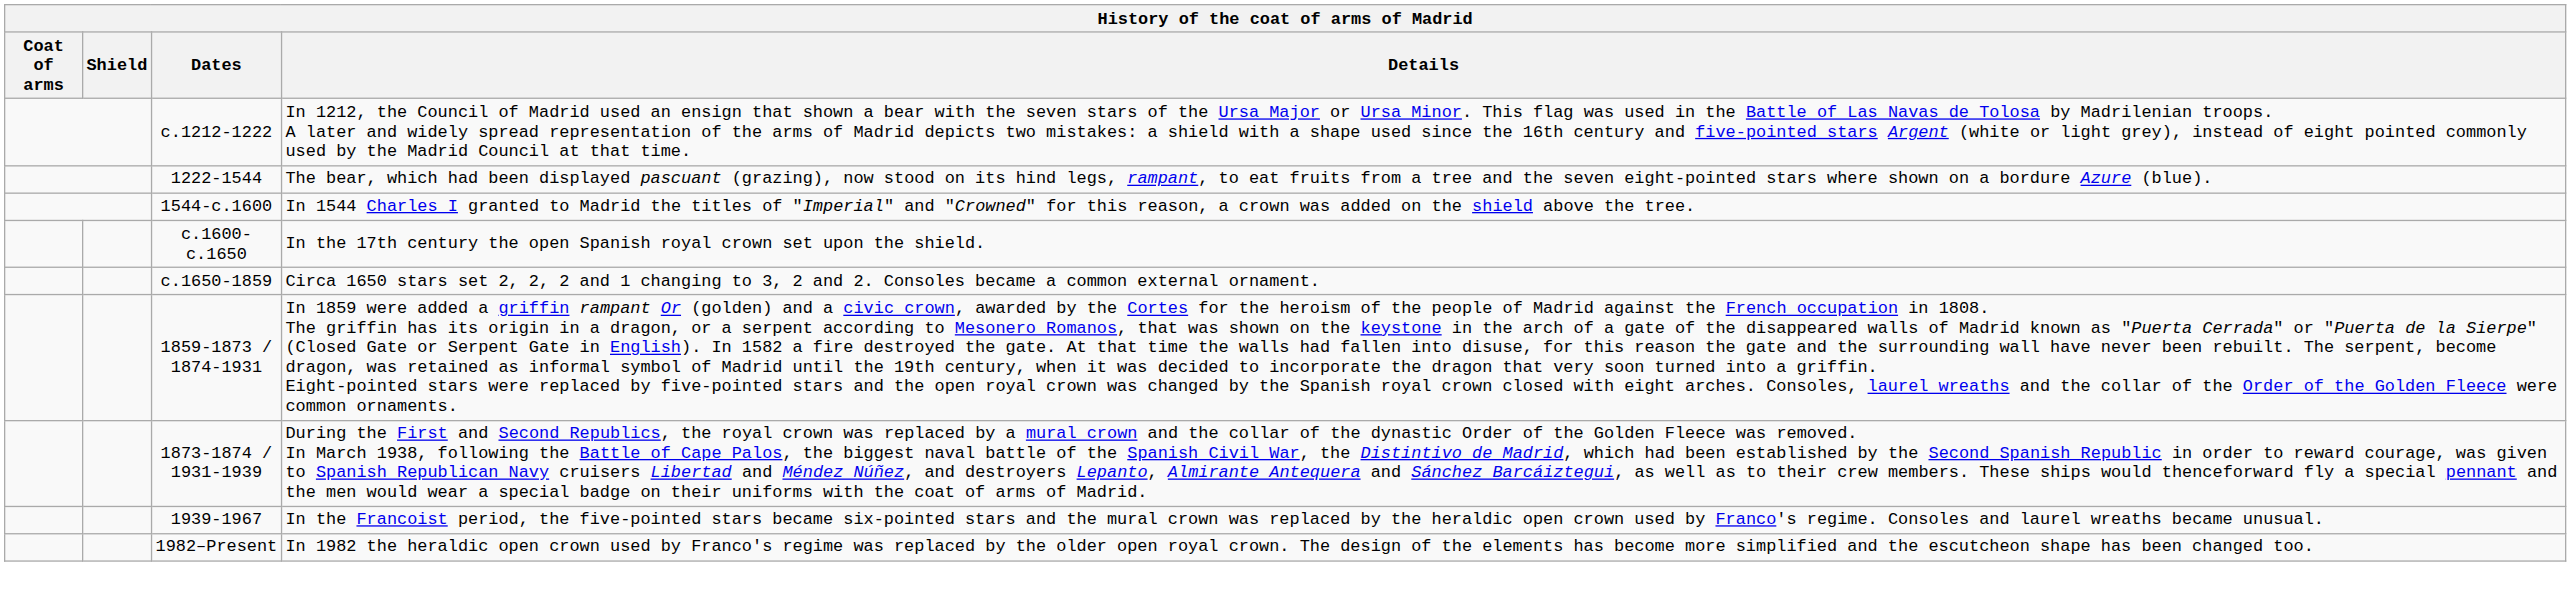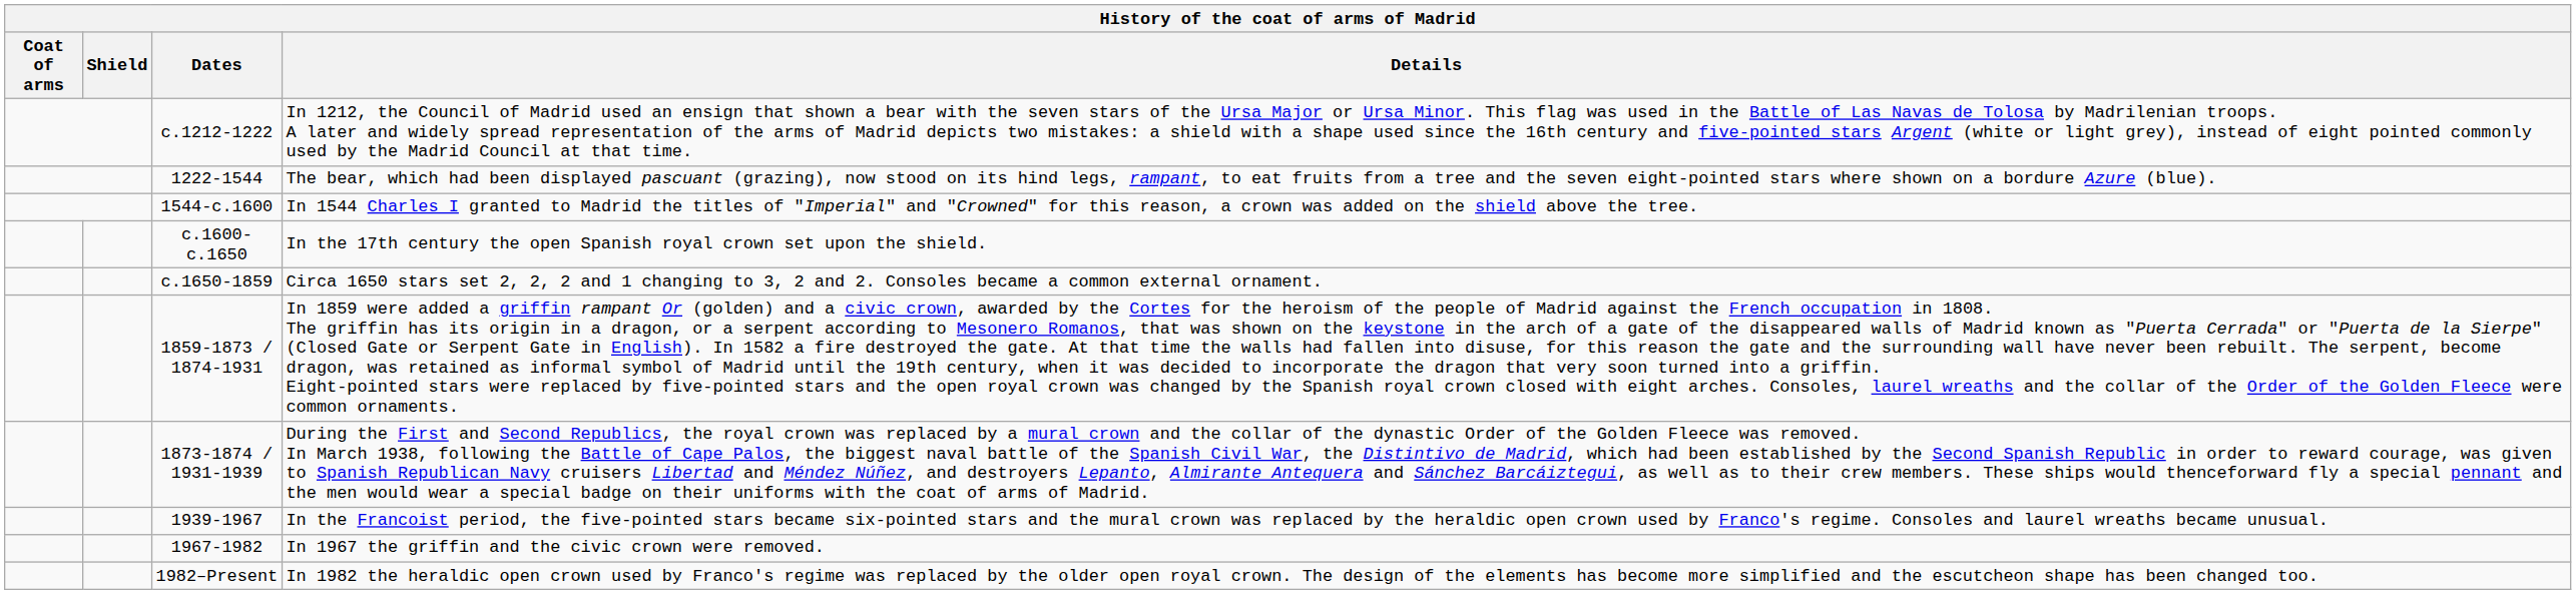 <table class="wikitable">
 <tr>
 <th colspan=4 style=backgroundcolor:#ccccff>History of the coat of arms of Madrid</th>
 </tr>
 <tr>
 <th>Coat of arms</th>
 <th>Shield</th>
 <th>Dates</th>
 <th>Details</th>
 </tr>
 <tr>
 <td style=text-align:center colspan="2"></td>
 <td style=text-align:center>c.1212-1222</td>
 <td>In 1212, the Council of Madrid used an	ensign that shown a bear with the seven stars of the <a href='#'>Ursa Major</a> or <a href='#'>Ursa Minor</a>. This flag was used in the <a href='#'>Battle of Las Navas de Tolosa</a> by Madrilenian troops.<br>A later and widely spread representation of the arms of Madrid depicts two mistakes: a shield with a shape used since the 16th century and <a href='#'>five-pointed stars</a> <em><a href='#'>Argent</a></em> (white or light grey), instead of eight pointed commonly used by the Madrid Council at that time.</td>
 </tr>
 <tr>
 <td style=text-align:center colspan="2"></td>
 <td style=text-align:center>1222-1544</td>
 <td>The bear, which had been displayed <em>pascuant</em> (grazing), now stood on its hind legs, <em><a href='#'>rampant</a></em>, to eat fruits from a tree and the seven eight-pointed stars where shown on a bordure <em><a href='#'>Azure</a></em> (blue).</td>
 </tr>
 <tr>
 <td style=text-align:center colspan="2"></td>
 <td style=text-align:center>1544-c.1600</td>
 <td>In 1544 <a href='#'>Charles I</a> granted to Madrid the titles of "<em>Imperial</em>" and "<em>Crowned</em>" for this reason, a crown was added on the <a href='#'>shield</a> above the tree.</td>
 </tr>
 <tr>
 <td style=text-align:center></td>
 <td style=text-align:center></td>
 <td style=text-align:center>c.1600-c.1650</td>
 <td>In the 17th century the open Spanish royal crown set upon the shield.</td>
 </tr>
 <tr>
 <td style=text-align:center></td>
 <td style=text-align:center></td>
 <td style=text-align:center>c.1650-1859</td>
 <td>Circa 1650 stars set 2, 2, 2 and 1 changing to 3, 2 and 2. Consoles became a common external ornament.</td>
 </tr>
 <tr>
 <td style=text-align:center></td>
 <td style=text-align:center></td>
 <td style=text-align:center>1859-1873 / 1874-1931</td>
 <td>In 1859 were added a <a href='#'>griffin</a> <em>rampant <a href='#'>Or</a></em> (golden) and a <a href='#'>civic crown</a>, awarded by the <a href='#'>Cortes</a> for the heroism of the people of Madrid against the <a href='#'>French occupation</a> in 1808.<br>The griffin has its origin in a dragon, or a serpent according to <a href='#'>Mesonero Romanos</a>, that was shown on the <a href='#'>keystone</a> in the arch of a gate of the disappeared walls of Madrid known as "<em>Puerta Cerrada</em>" or "<em>Puerta de la Sierpe</em>" (Closed Gate or Serpent Gate in <a href='#'>English</a>). In 1582 a fire destroyed the gate. At that time the walls had fallen into disuse, for this reason the gate and the surrounding wall have never been rebuilt. The serpent, become dragon, was retained as informal symbol of Madrid until the 19th century, when it was decided to incorporate the dragon that very soon turned into a griffin.<br>Eight-pointed stars were replaced by five-pointed stars and the open royal crown was changed by the Spanish royal crown closed with eight arches. Consoles, <a href='#'>laurel wreaths</a> and the collar of the <a href='#'>Order of the Golden Fleece</a> were common ornaments.</td>
 </tr>
 <tr>
 <td style=text-align:center></td>
 <td style=text-align:center></td>
 <td style=text-align:center>1873-1874 / 1931-1939</td>
 <td>During the <a href='#'>First</a> and <a href='#'>Second Republics</a>, the royal crown was replaced by a <a href='#'>mural crown</a> and the collar of the dynastic Order of the Golden Fleece was removed.<br>In March 1938, following the <a href='#'>Battle of Cape Palos</a>, the biggest naval battle of the <a href='#'>Spanish Civil War</a>, the <em><a href='#'>Distintivo de Madrid</a></em>, which had been established by the <a href='#'>Second Spanish Republic</a> in order to reward courage, was given to <a href='#'>Spanish Republican Navy</a> cruisers <a href='#'><em>Libertad</em></a> and <a href='#'><em>Méndez Núñez</em></a>, and destroyers <a href='#'><em>Lepanto</em></a>, <a href='#'><em>Almirante Antequera</em></a> and <a href='#'><em>Sánchez Barcáiztegui</em></a>, as well as to their crew members. These ships would thenceforward fly a special <a href='#'>pennant</a> and the men would wear a special badge on their uniforms with the coat of arms of Madrid.</td>
 </tr>
 <tr>
 <td style=text-align:center></td>
 <td style=text-align:center></td>
 <td style=text-align:center>1939-1967</td>
 <td>In the <a href='#'>Francoist</a> period, the five-pointed stars became six-pointed stars and the mural crown was replaced by the heraldic open crown used by <a href='#'>Franco</a>'s regime. Consoles and laurel wreaths became unusual.</td>
 </tr>
 <tr>
 <td style=text-align:center></td>
 <td style=text-align:center></td>
+<td style=text-align:center>1967-1982</td>
+<td>In 1967 the griffin and the civic crown were removed.</td>
+</tr>
+<tr>
+<td style=text-align:center></td>
+<td style=text-align:center></td>
 <td style=text-align:center>1982–Present</td>
 <td>In 1982 the heraldic open crown used by Franco's regime was replaced by the older open royal crown. The design of the elements has become more simplified and the escutcheon shape has been changed too.</td>
 </tr>
 </table>
